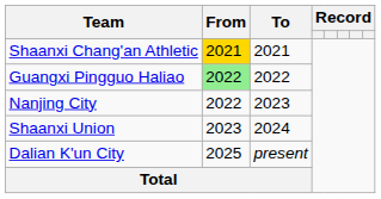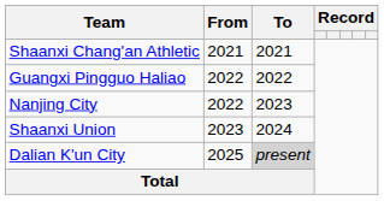 <table class=wikitable style="text-align:center">
 <tr>
 <th rowspan=2>Team</th>
 <th rowspan=2>From</th>
 <th rowspan=2>To</th>
 <th colspan=5>Record</th>
 </tr>
 <tr>
 <th></th>
 <th></th>
 <th></th>
 <th></th>
 <th></th>
 </tr>
 <tr>
 <td align=left><a href='#'>Shaanxi Chang'an Athletic</a></td>
-<td align=left style="background: gold;">2021</td>
+<td align=left>2021</td>
 <td align=left>2021<br></td>
 </tr>
 <tr>
 <td align=left><a href='#'>Guangxi Pingguo Haliao</a></td>
-<td align=left style="background: lightgreen;">2022</td>
+<td align=left>2022</td>
 <td align=left>2022<br></td>
 </tr>
 <tr>
 <td align=left><a href='#'>Nanjing City</a></td>
 <td align=left>2022</td>
 <td align=left>2023<br></td>
 </tr>
 <tr>
 <td align=left><a href='#'>Shaanxi Union</a></td>
 <td align=left>2023</td>
 <td align=left>2024<br></td>
 </tr>
 <tr>
 <td align=left><a href='#'>Dalian K'un City</a></td>
 <td align=left>2025</td>
-<td align=left><em>present</em><br></td>
+<td align=left style="background: lightgrey;"><em>present</em><br></td>
 </tr>
 <tr>
 <th colspan=3>Total<br></th>
 </tr>
 </table>
